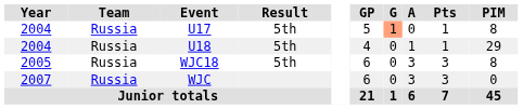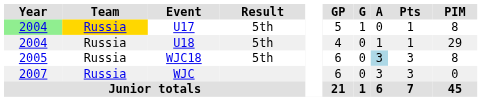 <table border="0" cellpadding="1" cellspacing="0" style="text-align:center; width:40em">
 <tr ALIGN="center" bgcolor="#e0e0e0">
 <th>Year</th>
 <th>Team</th>
 <th>Event</th>
 <th>Result</th>
 <th rowspan="99" bgcolor="#ffffff"> </th>
 <th>GP</th>
 <th>G</th>
 <th>A</th>
 <th>Pts</th>
 <th>PIM</th>
 </tr>
 <tr>
-<td><a href='#'>2004</a></td>
-<td><a href='#'>Russia</a></td>
+<td style="background: lightgreen;"><a href='#'>2004</a></td>
+<td style="background: gold;"><a href='#'>Russia</a></td>
 <td><a href='#'>U17</a></td>
 <td>5th</td>
 <td>5</td>
-<td style="background: lightsalmon;">1</td>
+<td>1</td>
 <td>0</td>
 <td>1</td>
 <td>8</td>
 </tr>
 <tr bgcolor="#f0f0f0">
 <td><a href='#'>2004</a></td>
 <td>Russia</td>
 <td><a href='#'>U18</a></td>
 <td>5th</td>
 <td>4</td>
 <td>0</td>
 <td>1</td>
 <td>1</td>
 <td>29</td>
 </tr>
 <tr>
 <td><a href='#'>2005</a></td>
 <td>Russia</td>
 <td><a href='#'>WJC18</a></td>
 <td>5th</td>
 <td>6</td>
 <td>0</td>
-<td>3</td>
+<td style="background: lightblue;">3</td>
 <td>3</td>
 <td>8</td>
 </tr>
 <tr bgcolor="#f0f0f0">
 <td><a href='#'>2007</a></td>
 <td><a href='#'>Russia</a></td>
 <td><a href='#'>WJC</a></td>
 <td></td>
 <td>6</td>
 <td>0</td>
 <td>3</td>
 <td>3</td>
 <td>0</td>
 </tr>
 <tr bgcolor="#e0e0e0">
 <th colspan="4">Junior totals</th>
 <th>21</th>
 <th>1</th>
 <th>6</th>
 <th>7</th>
 <th>45</th>
 </tr>
 </table>
